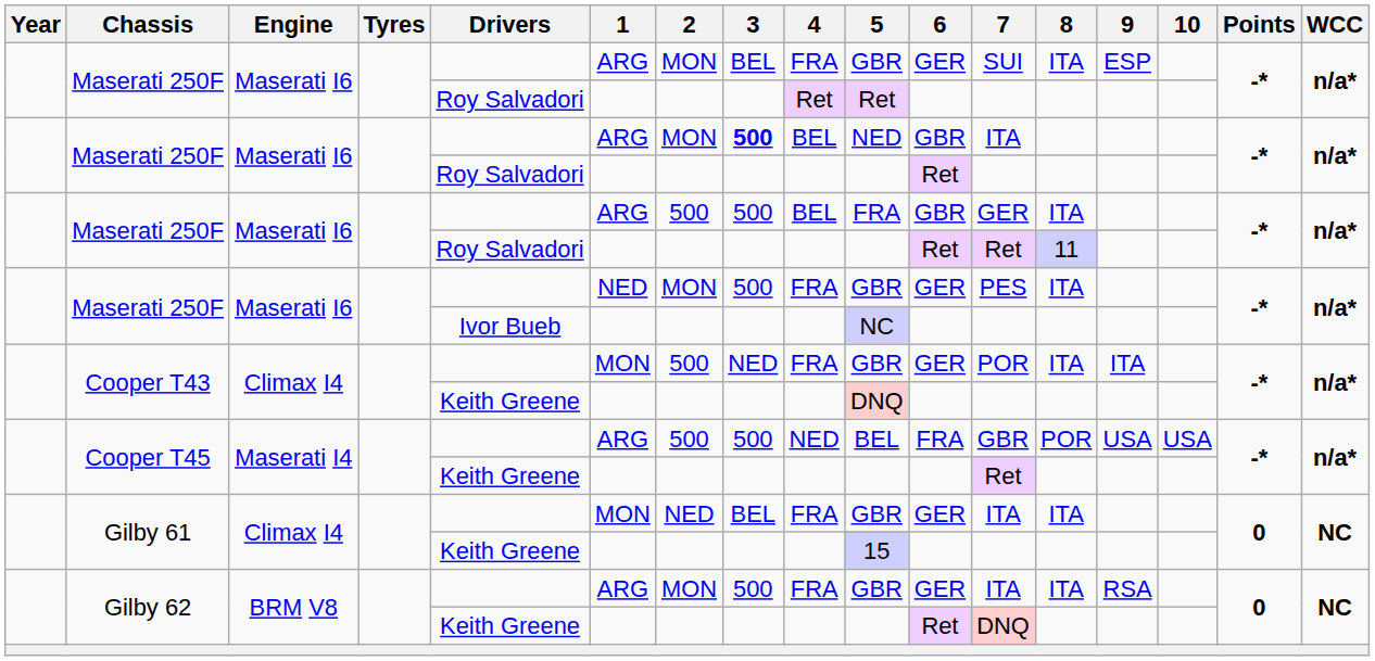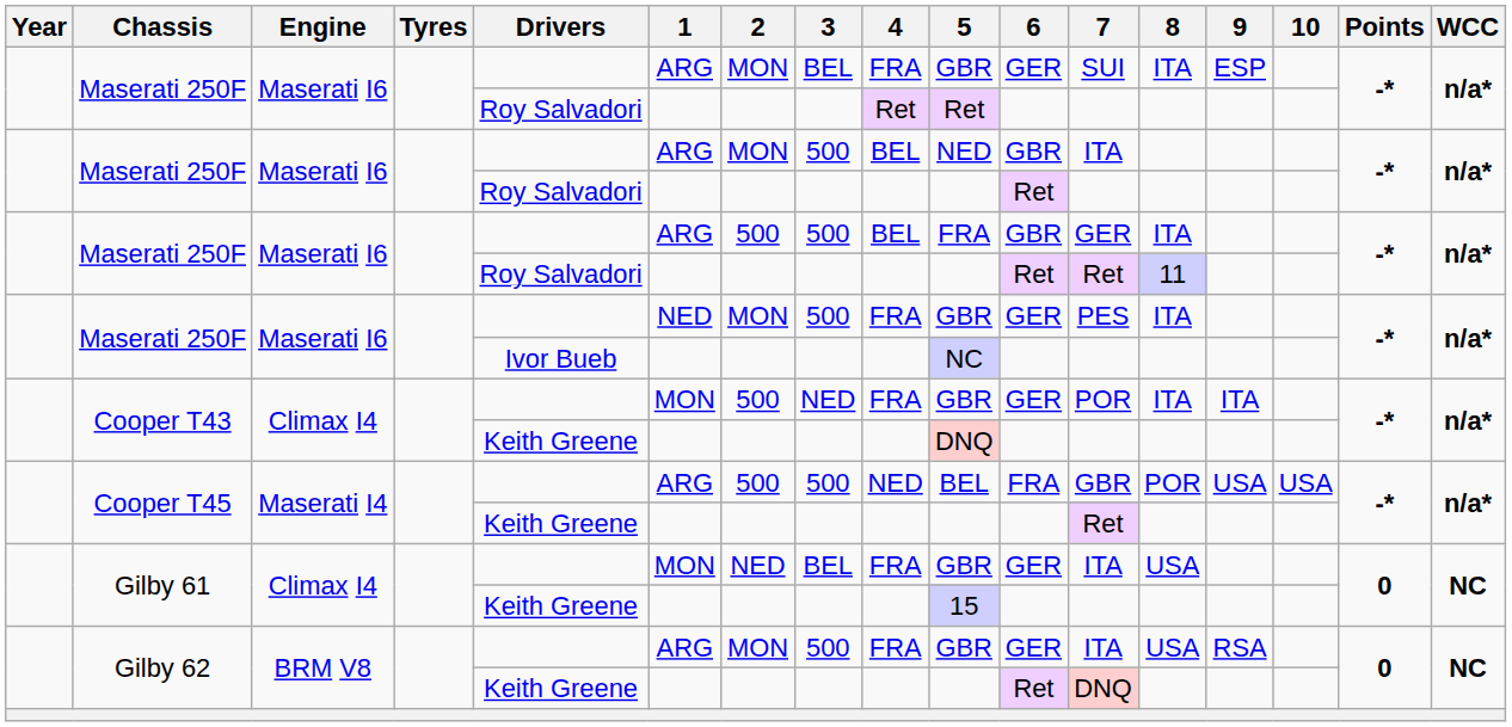 <table class="wikitable" style="text-align:center; font-size:95%">
 <tr>
 <th>Year</th>
 <th>Chassis</th>
 <th>Engine</th>
 <th>Tyres</th>
 <th>Drivers</th>
 <th>1</th>
 <th>2</th>
 <th>3</th>
 <th>4</th>
 <th>5</th>
 <th>6</th>
 <th>7</th>
 <th>8</th>
 <th>9</th>
 <th>10</th>
 <th>Points</th>
 <th>WCC</th>
 </tr>
 <tr>
 <td rowspan="2"></td>
 <td rowspan="2"><a href='#'>Maserati 250F</a></td>
 <td rowspan="2"><a href='#'>Maserati</a> <a href='#'>I6</a></td>
 <td rowspan="2"></td>
 <td></td>
 <td><a href='#'>ARG</a></td>
 <td><a href='#'>MON</a></td>
 <td><a href='#'>BEL</a></td>
 <td><a href='#'>FRA</a></td>
 <td><a href='#'>GBR</a></td>
 <td><a href='#'>GER</a></td>
 <td><a href='#'>SUI</a></td>
 <td><a href='#'>ITA</a></td>
 <td><a href='#'>ESP</a></td>
 <td></td>
 <td rowspan="2"><strong>-*</strong></td>
 <td rowspan="2"><strong>n/a*</strong></td>
 </tr>
 <tr>
 <td><a href='#'>Roy Salvadori</a></td>
 <td></td>
 <td></td>
 <td></td>
 <td style="background:#EFCFFF;">Ret</td>
 <td style="background:#EFCFFF;">Ret</td>
 <td></td>
 <td></td>
 <td></td>
 <td></td>
 <td></td>
 </tr>
 <tr>
 <td rowspan="2"></td>
 <td rowspan="2"><a href='#'>Maserati 250F</a></td>
 <td rowspan="2"><a href='#'>Maserati</a> <a href='#'>I6</a></td>
 <td rowspan="2"></td>
 <td></td>
 <td><a href='#'>ARG</a></td>
 <td><a href='#'>MON</a></td>
-<td><strong><a href='#'>500</a></strong></td>
+<td><a href='#'>500</a></td>
 <td><a href='#'>BEL</a></td>
 <td><a href='#'>NED</a></td>
 <td><a href='#'>GBR</a></td>
 <td><a href='#'>ITA</a></td>
 <td></td>
 <td></td>
 <td></td>
 <td rowspan="2"><strong>-*</strong></td>
 <td rowspan="2"><strong>n/a*</strong></td>
 </tr>
 <tr>
 <td><a href='#'>Roy Salvadori</a></td>
 <td></td>
 <td></td>
 <td></td>
 <td></td>
 <td></td>
 <td style="background:#EFCFFF;">Ret</td>
 <td></td>
 <td></td>
 <td></td>
 <td></td>
 </tr>
 <tr>
 <td rowspan="2"></td>
 <td rowspan="2"><a href='#'>Maserati 250F</a></td>
 <td rowspan="2"><a href='#'>Maserati</a> <a href='#'>I6</a></td>
 <td rowspan="2"></td>
 <td></td>
 <td><a href='#'>ARG</a></td>
 <td><a href='#'>500</a></td>
 <td><a href='#'>500</a></td>
 <td><a href='#'>BEL</a></td>
 <td><a href='#'>FRA</a></td>
 <td><a href='#'>GBR</a></td>
 <td><a href='#'>GER</a></td>
 <td><a href='#'>ITA</a></td>
 <td></td>
 <td></td>
 <td rowspan="2"><strong>-*</strong></td>
 <td rowspan="2"><strong>n/a*</strong></td>
 </tr>
 <tr>
 <td><a href='#'>Roy Salvadori</a></td>
 <td></td>
 <td></td>
 <td></td>
 <td></td>
 <td></td>
 <td style="background:#EFCFFF;">Ret</td>
 <td style="background:#EFCFFF;">Ret</td>
 <td style="background:#CFCFFF;">11</td>
 <td></td>
 <td></td>
 </tr>
 <tr>
 <td rowspan="2"></td>
 <td rowspan="2"><a href='#'>Maserati 250F</a></td>
 <td rowspan="2"><a href='#'>Maserati</a> <a href='#'>I6</a></td>
 <td rowspan="2"></td>
 <td></td>
 <td><a href='#'>NED</a></td>
 <td><a href='#'>MON</a></td>
 <td><a href='#'>500</a></td>
 <td><a href='#'>FRA</a></td>
 <td><a href='#'>GBR</a></td>
 <td><a href='#'>GER</a></td>
 <td><a href='#'>PES</a></td>
 <td><a href='#'>ITA</a></td>
 <td></td>
 <td></td>
 <td rowspan="2"><strong>-*</strong></td>
 <td rowspan="2"><strong>n/a*</strong></td>
 </tr>
 <tr>
 <td><a href='#'>Ivor Bueb</a></td>
 <td></td>
 <td></td>
 <td></td>
 <td></td>
 <td style="background:#CFCFFF;">NC</td>
 <td></td>
 <td></td>
 <td></td>
 <td></td>
 <td></td>
 </tr>
 <tr>
 <td rowspan="2"></td>
 <td rowspan="2"><a href='#'>Cooper T43</a></td>
 <td rowspan="2"><a href='#'>Climax</a> <a href='#'>I4</a></td>
 <td rowspan="2"></td>
 <td></td>
 <td><a href='#'>MON</a></td>
 <td><a href='#'>500</a></td>
 <td><a href='#'>NED</a></td>
 <td><a href='#'>FRA</a></td>
 <td><a href='#'>GBR</a></td>
 <td><a href='#'>GER</a></td>
 <td><a href='#'>POR</a></td>
 <td><a href='#'>ITA</a></td>
 <td><a href='#'>ITA</a></td>
 <td></td>
 <td rowspan="2"><strong>-*</strong></td>
 <td rowspan="2"><strong>n/a*</strong></td>
 </tr>
 <tr>
 <td><a href='#'>Keith Greene</a></td>
 <td></td>
 <td></td>
 <td></td>
 <td></td>
 <td style="background:#FFCFCF;">DNQ</td>
 <td></td>
 <td></td>
 <td></td>
 <td></td>
 <td></td>
 </tr>
 <tr>
 <td rowspan="2"></td>
 <td rowspan="2"><a href='#'>Cooper T45</a></td>
 <td rowspan="2"><a href='#'>Maserati</a> <a href='#'>I4</a></td>
 <td rowspan="2"></td>
 <td></td>
 <td><a href='#'>ARG</a></td>
 <td><a href='#'>500</a></td>
 <td><a href='#'>500</a></td>
 <td><a href='#'>NED</a></td>
 <td><a href='#'>BEL</a></td>
 <td><a href='#'>FRA</a></td>
 <td><a href='#'>GBR</a></td>
 <td><a href='#'>POR</a></td>
 <td><a href='#'>USA</a></td>
 <td><a href='#'>USA</a></td>
 <td rowspan="2"><strong>-*</strong></td>
 <td rowspan="2"><strong>n/a*</strong></td>
 </tr>
 <tr>
 <td><a href='#'>Keith Greene</a></td>
 <td></td>
 <td></td>
 <td></td>
 <td></td>
 <td></td>
 <td></td>
 <td style="background:#EFCFFF;">Ret</td>
 <td></td>
 <td></td>
 <td></td>
 </tr>
 <tr>
 <td rowspan="2"></td>
 <td rowspan="2">Gilby 61</td>
 <td rowspan="2"><a href='#'>Climax</a> <a href='#'>I4</a></td>
 <td rowspan="2"></td>
 <td></td>
 <td><a href='#'>MON</a></td>
 <td><a href='#'>NED</a></td>
 <td><a href='#'>BEL</a></td>
 <td><a href='#'>FRA</a></td>
 <td><a href='#'>GBR</a></td>
 <td><a href='#'>GER</a></td>
 <td><a href='#'>ITA</a></td>
-<td><a href='#'>ITA</a></td>
+<td><a href='#'>USA</a></td>
 <td></td>
 <td></td>
 <td rowspan="2"><strong>0</strong></td>
 <td rowspan="2"><strong>NC</strong></td>
 </tr>
 <tr>
 <td><a href='#'>Keith Greene</a></td>
 <td></td>
 <td></td>
 <td></td>
 <td></td>
 <td style="background:#CFCFFF;">15</td>
 <td></td>
 <td></td>
 <td></td>
 <td></td>
 <td></td>
 </tr>
 <tr>
 <td rowspan="2"></td>
 <td rowspan="2">Gilby 62</td>
 <td rowspan="2"><a href='#'>BRM</a> <a href='#'>V8</a></td>
 <td rowspan="2"></td>
 <td></td>
 <td><a href='#'>ARG</a></td>
 <td><a href='#'>MON</a></td>
 <td><a href='#'>500</a></td>
 <td><a href='#'>FRA</a></td>
 <td><a href='#'>GBR</a></td>
 <td><a href='#'>GER</a></td>
 <td><a href='#'>ITA</a></td>
-<td><a href='#'>ITA</a></td>
+<td><a href='#'>USA</a></td>
 <td><a href='#'>RSA</a></td>
 <td></td>
 <td rowspan="2"><strong>0</strong></td>
 <td rowspan="2"><strong>NC</strong></td>
 </tr>
 <tr>
 <td><a href='#'>Keith Greene</a></td>
 <td></td>
 <td></td>
 <td></td>
 <td></td>
 <td></td>
 <td style="background:#EFCFFF;">Ret</td>
 <td style="background:#FFCFCF;">DNQ</td>
 <td></td>
 <td></td>
 <td></td>
 </tr>
 <tr>
 <th colspan="17"></th>
 </tr>
 </table>
